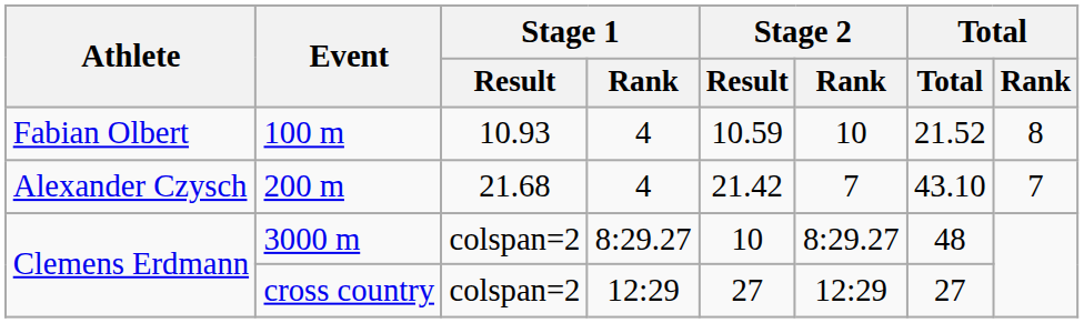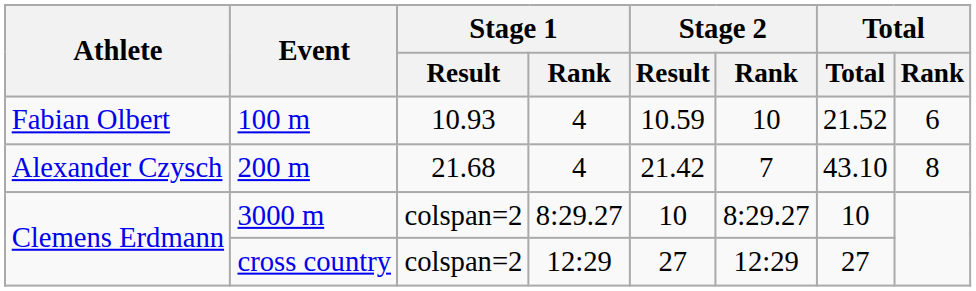 <table class="wikitable" style="font-size:90%">
 <tr>
 <th rowspan=2>Athlete</th>
 <th rowspan=2>Event</th>
 <th colspan=2>Stage 1</th>
 <th colspan=2>Stage 2</th>
 <th colspan=2>Total</th>
 </tr>
 <tr style="font-size:95%">
 <th>Result</th>
 <th>Rank</th>
 <th>Result</th>
 <th>Rank</th>
 <th>Total</th>
 <th>Rank</th>
 </tr>
 <tr align=center>
 <td align=left><a href='#'>Fabian Olbert</a></td>
 <td align=left><a href='#'>100 m</a></td>
 <td>10.93</td>
 <td>4</td>
 <td>10.59</td>
 <td>10</td>
 <td>21.52</td>
-<td>8</td>
+<td>6</td>
 </tr>
 <tr align=center>
 <td align=left><a href='#'>Alexander Czysch</a></td>
 <td align=left><a href='#'>200 m</a></td>
 <td>21.68</td>
 <td>4</td>
 <td>21.42</td>
 <td>7</td>
 <td>43.10</td>
-<td>7</td>
+<td>8</td>
 </tr>
 <tr align=center>
 <td align=left rowspan=2><a href='#'>Clemens Erdmann</a></td>
 <td align=left><a href='#'>3000 m</a></td>
 <td>colspan=2</td>
 <td>8:29.27</td>
 <td>10</td>
 <td>8:29.27</td>
-<td>48</td>
+<td>10</td>
 </tr>
 <tr align=center>
 <td align=left><a href='#'>cross country</a></td>
 <td>colspan=2</td>
 <td>12:29</td>
 <td>27</td>
 <td>12:29</td>
 <td>27</td>
 </tr>
 </table>
